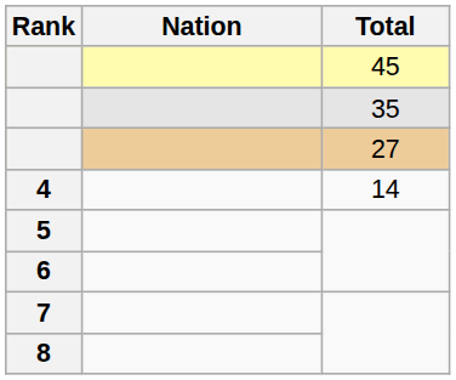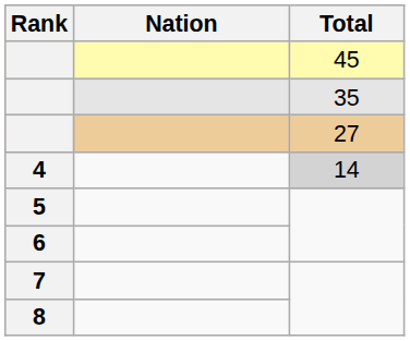 <table class="wikitable sortable" style="text-align:center; font-size:85%">
 <tr>
 <th scope="col" style="width:25px;">Rank</th>
 <th ! scope="col" style="width:120px;">Nation</th>
 <th ! scope="col" style="width:60px;">Total</th>
 </tr>
 <tr bgcolor=fffcaf>
 <th scope=row></th>
 <td align=left></td>
 <td>45</td>
 </tr>
 <tr bgcolor=e5e5e5>
 <th scope=row></th>
 <td align=left></td>
 <td>35</td>
 </tr>
 <tr bgcolor=eecc99>
 <th scope=row></th>
 <td align=left></td>
 <td>27</td>
 </tr>
 <tr>
 <th scope=row>4</th>
 <td align=left></td>
-<td>14</td>
+<td style="background: lightgrey;">14</td>
 </tr>
 <tr>
 <th scope=row>5</th>
 <td align=left></td>
 <td rowspan=2></td>
 </tr>
 <tr>
 <th scope=row>6</th>
 <td align=left></td>
 </tr>
 <tr>
 <th scope=row>7</th>
 <td align=left></td>
 <td rowspan=2></td>
 </tr>
 <tr>
 <th scope=row>8</th>
 <td align=left></td>
 </tr>
 </table>
